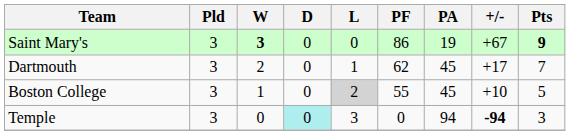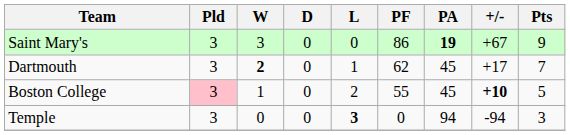 <table class="wikitable" style="text-align: center;">
 <tr>
 <th width="180">Team</th>
 <th width="40">Pld</th>
 <th width="40">W</th>
 <th width="40">D</th>
 <th width="40">L</th>
 <th width="40">PF</th>
 <th width="40">PA</th>
 <th width="40">+/-</th>
 <th width="40">Pts</th>
 </tr>
 <tr bgcolor=#ccffcc>
 <td align="left">Saint Mary's</td>
 <td>3</td>
-<td><strong>3</strong></td>
+<td>3</td>
 <td>0</td>
 <td>0</td>
 <td>86</td>
-<td>19</td>
+<td><strong>19</strong></td>
 <td>+67</td>
-<td><strong>9</strong></td>
+<td>9</td>
 </tr>
 <tr>
 <td align="left">Dartmouth</td>
 <td>3</td>
-<td>2</td>
+<td><strong>2</strong></td>
 <td>0</td>
 <td>1</td>
 <td>62</td>
 <td>45</td>
 <td>+17</td>
 <td>7</td>
 </tr>
 <tr>
 <td align="left">Boston College</td>
-<td>3</td>
+<td style="background: pink;">3</td>
 <td>1</td>
 <td>0</td>
-<td style="background: lightgrey;">2</td>
+<td>2</td>
 <td>55</td>
 <td>45</td>
-<td>+10</td>
+<td><strong>+10</strong></td>
 <td>5</td>
 </tr>
 <tr>
 <td align="left">Temple</td>
 <td>3</td>
 <td>0</td>
-<td style="background: paleturquoise;">0</td>
-<td>3</td>
+<td>0</td>
+<td><strong>3</strong></td>
 <td>0</td>
 <td>94</td>
-<td><strong>-94</strong></td>
+<td>-94</td>
 <td>3</td>
 </tr>
 <tr>
 </tr>
 </table>
